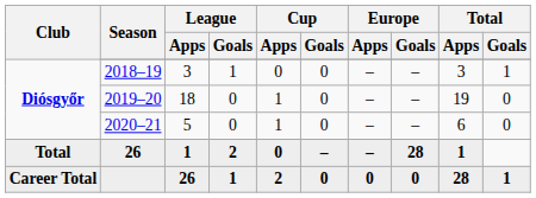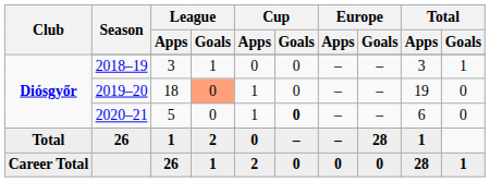 <table class="wikitable" style="font-size:90%; text-align: center;">
 <tr>
 <th rowspan="2">Club</th>
 <th rowspan="2">Season</th>
 <th colspan="2">League</th>
 <th colspan="2">Cup</th>
 <th colspan="2">Europe</th>
 <th colspan="2">Total</th>
 </tr>
 <tr>
 <th>Apps</th>
 <th>Goals</th>
 <th>Apps</th>
 <th>Goals</th>
 <th>Apps</th>
 <th>Goals</th>
 <th>Apps</th>
 <th>Goals</th>
 </tr>
 <tr ||-||-||-|->
 <td rowspan="5" valign="center"><strong><a href='#'>Diósgyőr</a></strong></td>
 </tr>
 <tr>
 <td><a href='#'>2018–19</a></td>
 <td>3</td>
 <td>1</td>
 <td>0</td>
 <td>0</td>
 <td>–</td>
 <td>–</td>
 <td>3</td>
 <td>1</td>
 </tr>
 <tr>
 <td><a href='#'>2019–20</a></td>
 <td>18</td>
-<td>0</td>
+<td style="background: lightsalmon;">0</td>
 <td>1</td>
 <td>0</td>
 <td>–</td>
 <td>–</td>
 <td>19</td>
 <td>0</td>
 </tr>
 <tr>
 <td><a href='#'>2020–21</a></td>
 <td>5</td>
 <td>0</td>
 <td>1</td>
-<td>0</td>
+<td><strong>0</strong></td>
 <td>–</td>
 <td>–</td>
 <td>6</td>
 <td>0</td>
 </tr>
 <tr>
 </tr>
 <tr style="font-weight:bold; background-color:#eeeeee;">
 <td>Total</td>
 <td>26</td>
 <td>1</td>
 <td>2</td>
 <td>0</td>
 <td>–</td>
 <td>–</td>
 <td>28</td>
 <td>1</td>
 </tr>
 <tr style="font-weight:bold; background-color:#eeeeee;">
 <td rowspan="1" valign="top"><strong>Career Total</strong></td>
 <td></td>
 <td><strong>26</strong></td>
 <td><strong>1</strong></td>
 <td><strong>2</strong></td>
 <td><strong>0</strong></td>
 <td><strong>0</strong></td>
 <td><strong>0</strong></td>
 <td><strong>28</strong></td>
 <td><strong>1</strong></td>
 </tr>
 </table>
